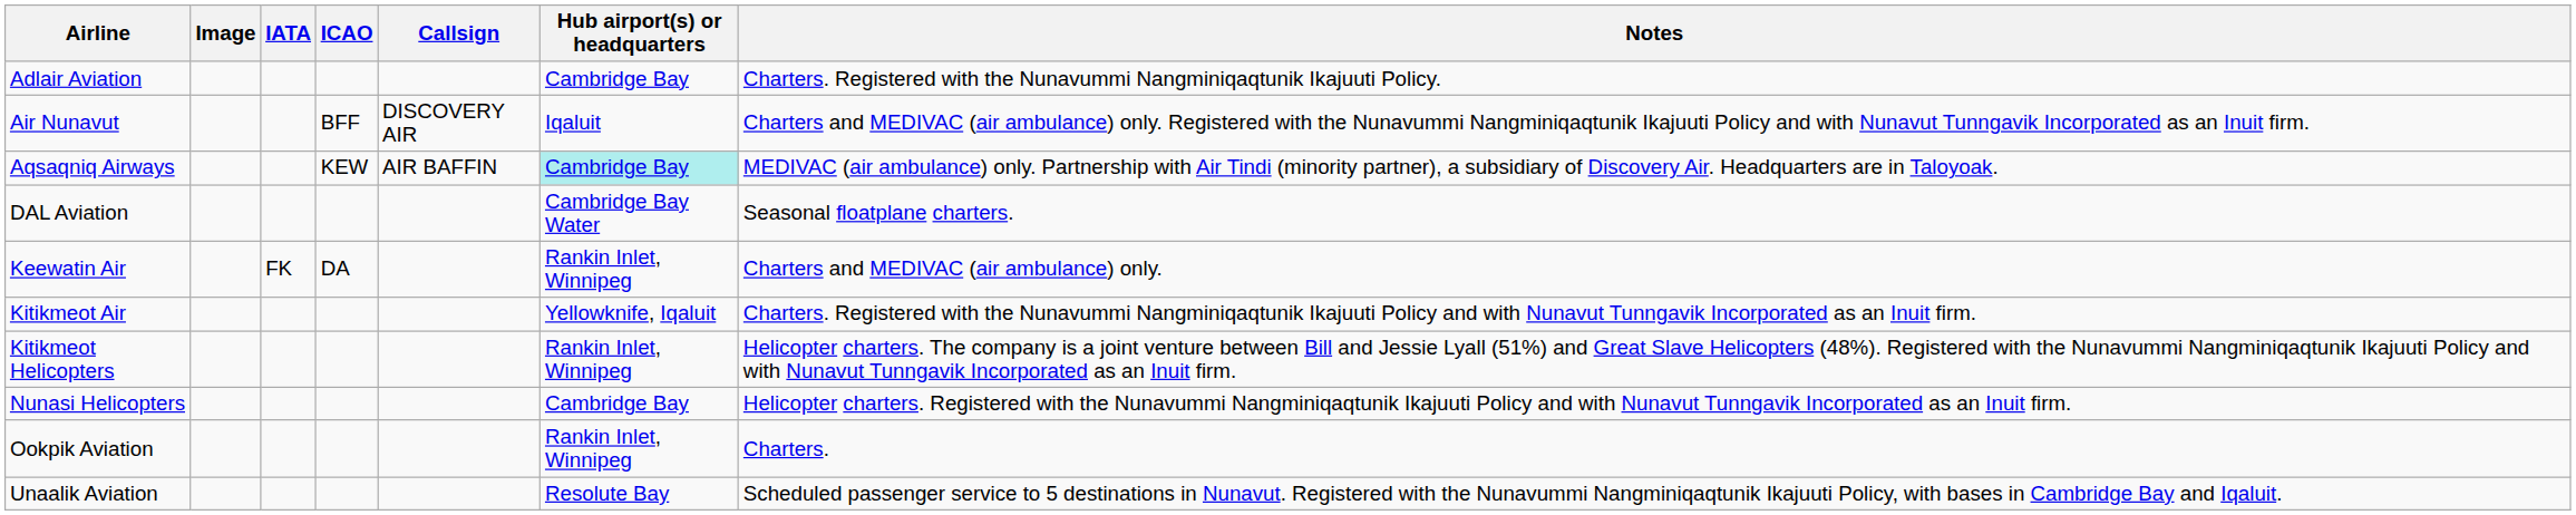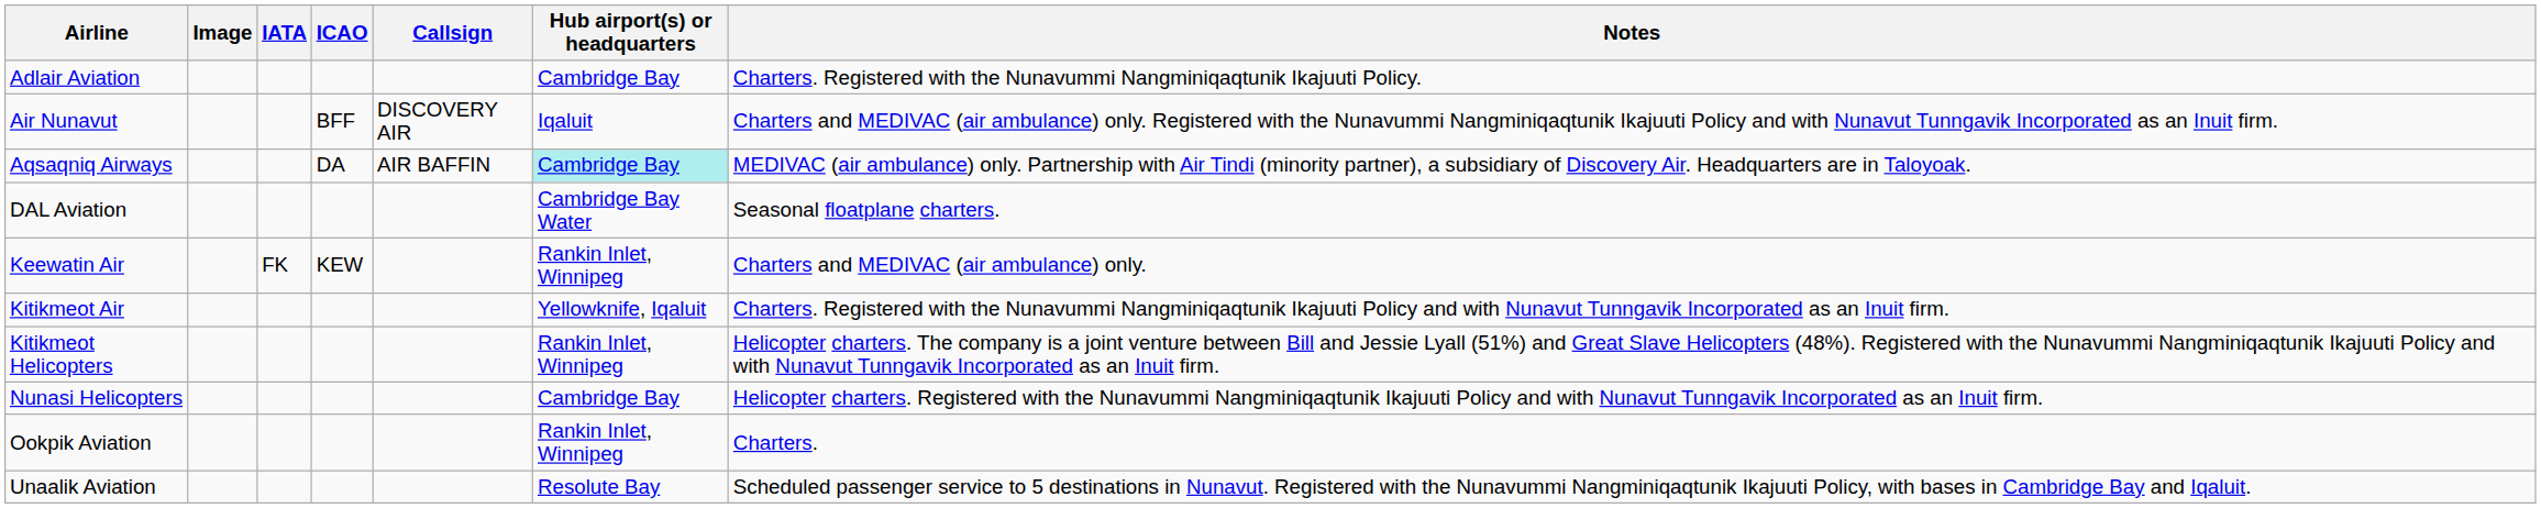 <table class="wikitable sortable" style="border: 0; cellpadding: 2; cellspacing: 3;">
 <tr style="vertical-align:middle;">
 <th>Airline</th>
 <th>Image</th>
 <th><a href='#'>IATA</a></th>
 <th><a href='#'>ICAO</a></th>
 <th><a href='#'>Callsign</a></th>
 <th>Hub airport(s) or<br>headquarters</th>
 <th class="unsortable">Notes</th>
 </tr>
 <tr>
 <td><a href='#'>Adlair Aviation</a></td>
 <td></td>
 <td></td>
 <td></td>
 <td></td>
 <td><a href='#'>Cambridge Bay</a></td>
 <td><a href='#'>Charters</a>. Registered with the Nunavummi Nangminiqaqtunik Ikajuuti Policy.</td>
 </tr>
 <tr>
 <td><a href='#'>Air Nunavut</a></td>
 <td></td>
 <td></td>
 <td>BFF</td>
 <td>DISCOVERY AIR</td>
 <td><a href='#'>Iqaluit</a></td>
 <td><a href='#'>Charters</a> and <a href='#'>MEDIVAC</a> (<a href='#'>air ambulance</a>) only. Registered with the Nunavummi Nangminiqaqtunik Ikajuuti Policy and with <a href='#'>Nunavut Tunngavik Incorporated</a> as an <a href='#'>Inuit</a> firm.</td>
 </tr>
 <tr>
 <td><a href='#'>Aqsaqniq Airways</a></td>
 <td></td>
 <td></td>
-<td>KEW</td>
+<td>DA</td>
 <td>AIR BAFFIN</td>
 <td style="background: paleturquoise;"><a href='#'>Cambridge Bay</a></td>
 <td><a href='#'>MEDIVAC</a> (<a href='#'>air ambulance</a>) only. Partnership with <a href='#'>Air Tindi</a> (minority partner), a subsidiary of <a href='#'>Discovery Air</a>. Headquarters are in <a href='#'>Taloyoak</a>.</td>
 </tr>
 <tr>
 <td>DAL Aviation</td>
 <td></td>
 <td></td>
 <td></td>
 <td></td>
 <td><a href='#'>Cambridge Bay Water</a></td>
 <td>Seasonal <a href='#'>floatplane</a> <a href='#'>charters</a>.</td>
 </tr>
 <tr>
 <td><a href='#'>Keewatin Air</a></td>
 <td></td>
 <td>FK</td>
-<td>DA</td>
+<td>KEW</td>
 <td></td>
 <td><a href='#'>Rankin Inlet</a>,<br><a href='#'>Winnipeg</a></td>
 <td><a href='#'>Charters</a> and <a href='#'>MEDIVAC</a> (<a href='#'>air ambulance</a>) only.</td>
 </tr>
 <tr>
 <td><a href='#'>Kitikmeot Air</a></td>
 <td></td>
 <td></td>
 <td></td>
 <td></td>
 <td><a href='#'>Yellowknife</a>, <a href='#'>Iqaluit</a></td>
 <td><a href='#'>Charters</a>. Registered with the Nunavummi Nangminiqaqtunik Ikajuuti Policy and with <a href='#'>Nunavut Tunngavik Incorporated</a> as an <a href='#'>Inuit</a> firm.</td>
 </tr>
 <tr>
 <td> <a href='#'>Kitikmeot Helicopters</a></td>
 <td></td>
 <td></td>
 <td></td>
 <td></td>
 <td><a href='#'>Rankin Inlet</a>,<br><a href='#'>Winnipeg</a></td>
 <td><a href='#'>Helicopter</a> <a href='#'>charters</a>. The company is a joint venture between <a href='#'>Bill</a> and Jessie Lyall (51%) and <a href='#'>Great Slave Helicopters</a> (48%). Registered with the Nunavummi Nangminiqaqtunik Ikajuuti Policy and with <a href='#'>Nunavut Tunngavik Incorporated</a> as an <a href='#'>Inuit</a> firm.</td>
 </tr>
 <tr>
 <td><a href='#'>Nunasi Helicopters</a></td>
 <td></td>
 <td></td>
 <td></td>
 <td></td>
 <td><a href='#'>Cambridge Bay</a></td>
 <td><a href='#'>Helicopter</a> <a href='#'>charters</a>. Registered with the Nunavummi Nangminiqaqtunik Ikajuuti Policy and with <a href='#'>Nunavut Tunngavik Incorporated</a> as an <a href='#'>Inuit</a> firm.</td>
 </tr>
 <tr>
 <td>Ookpik Aviation</td>
 <td></td>
 <td></td>
 <td></td>
 <td></td>
 <td><a href='#'>Rankin Inlet</a>,<br><a href='#'>Winnipeg</a></td>
 <td><a href='#'>Charters</a>.</td>
 </tr>
 <tr>
 <td>Unaalik Aviation</td>
 <td></td>
 <td></td>
 <td></td>
 <td></td>
 <td><a href='#'>Resolute Bay</a></td>
 <td>Scheduled passenger service to 5 destinations in <a href='#'>Nunavut</a>. Registered with the Nunavummi Nangminiqaqtunik Ikajuuti Policy, with bases in <a href='#'>Cambridge Bay</a> and <a href='#'>Iqaluit</a>.</td>
 </tr>
 </table>
